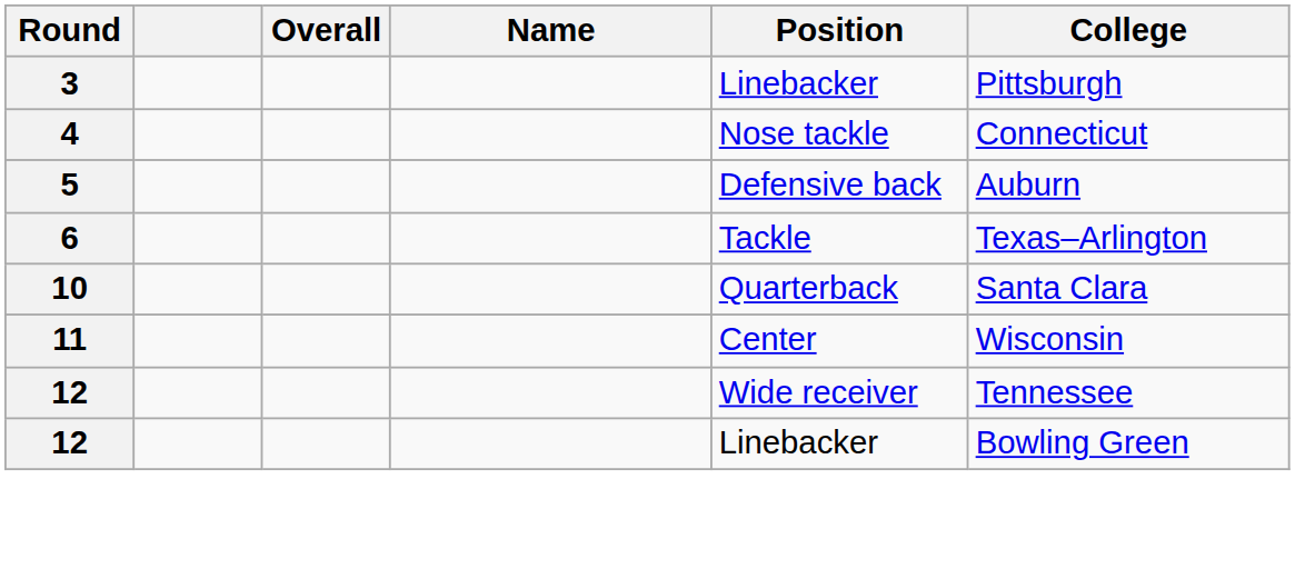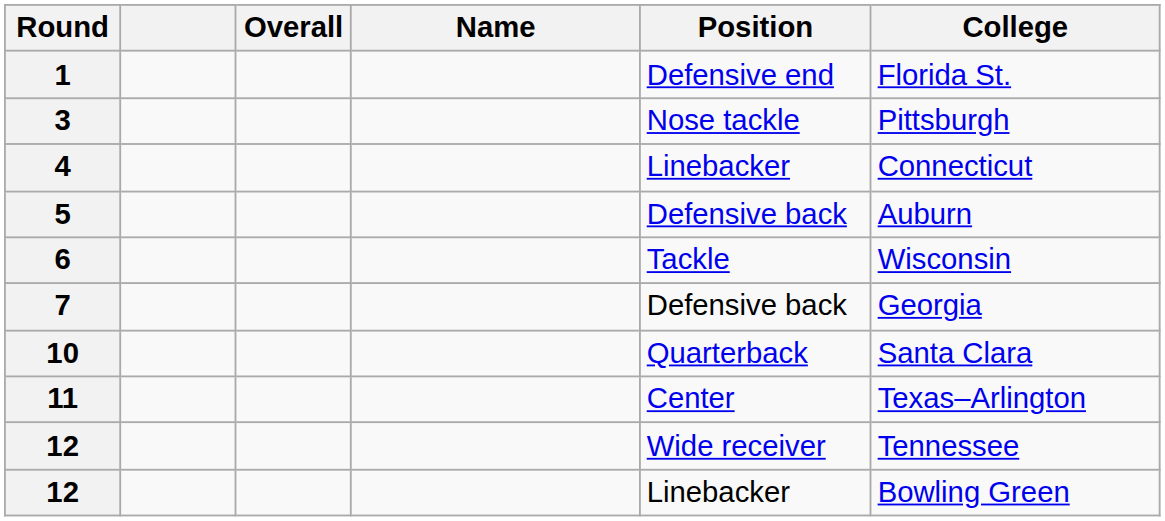 <table class="wikitable sortable" style="width: 50%;">
 <tr>
 <th scope="col" style="width: 10%;">Round</th>
 <th scope="col" style="width: 10%;"></th>
 <th scope="col" style="width: 10%;">Overall</th>
 <th scope="col" style="width: 25%;">Name</th>
 <th scope="col" style="width: 20%;">Position</th>
 <th scope="col" style="width: 25%;">College</th>
 </tr>
 <tr>
+<th scope="row">1</th>
+<td></td>
+<td></td>
+<td></td>
+<td><a href='#'>Defensive end</a></td>
+<td><a href='#'>Florida St.</a></td>
+</tr>
+<tr>
 <th scope="row">3</th>
 <td></td>
 <td></td>
 <td></td>
-<td><a href='#'>Linebacker</a></td>
+<td><a href='#'>Nose tackle</a></td>
 <td><a href='#'>Pittsburgh</a></td>
 </tr>
 <tr>
 <th scope="row">4</th>
 <td></td>
 <td></td>
 <td></td>
-<td><a href='#'>Nose tackle</a></td>
+<td><a href='#'>Linebacker</a></td>
 <td><a href='#'>Connecticut</a></td>
 </tr>
 <tr>
 <th scope="row">5</th>
 <td></td>
 <td></td>
 <td></td>
 <td><a href='#'>Defensive back</a></td>
 <td><a href='#'>Auburn</a></td>
 </tr>
 <tr>
 <th scope="row">6</th>
 <td></td>
 <td></td>
 <td></td>
 <td><a href='#'>Tackle</a></td>
-<td><a href='#'>Texas–Arlington</a></td>
+<td><a href='#'>Wisconsin</a></td>
+</tr>
+<tr>
+<th scope="row">7</th>
+<td></td>
+<td></td>
+<td></td>
+<td>Defensive back</td>
+<td><a href='#'>Georgia</a></td>
 </tr>
 <tr>
 <th scope="row">10</th>
 <td></td>
 <td></td>
 <td></td>
 <td><a href='#'>Quarterback</a></td>
 <td><a href='#'>Santa Clara</a></td>
 </tr>
 <tr>
 <th scope="row">11</th>
 <td></td>
 <td></td>
 <td></td>
 <td><a href='#'>Center</a></td>
-<td><a href='#'>Wisconsin</a></td>
+<td><a href='#'>Texas–Arlington</a></td>
 </tr>
 <tr>
 <th scope="row">12</th>
 <td></td>
 <td></td>
 <td></td>
 <td><a href='#'>Wide receiver</a></td>
 <td><a href='#'>Tennessee</a></td>
 </tr>
 <tr>
 <th scope="row">12</th>
 <td></td>
 <td></td>
 <td></td>
 <td>Linebacker</td>
 <td><a href='#'>Bowling Green</a></td>
 </tr>
 </table>
